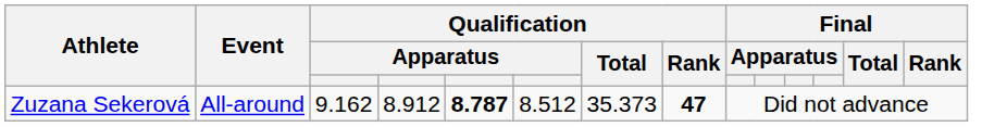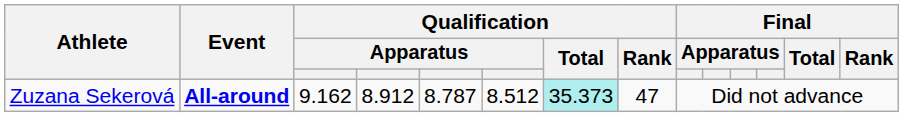 <table class="wikitable" style="font-size:90%">
 <tr>
 <th rowspan=3>Athlete</th>
 <th rowspan=3>Event</th>
 <th colspan=6>Qualification</th>
 <th colspan=6>Final</th>
 </tr>
 <tr style="font-size:95%">
 <th colspan=4>Apparatus</th>
 <th rowspan=2>Total</th>
 <th rowspan=2>Rank</th>
 <th colspan=4>Apparatus</th>
 <th rowspan=2>Total</th>
 <th rowspan=2>Rank</th>
 </tr>
 <tr style="font-size:95%">
 <th></th>
 <th></th>
 <th></th>
 <th></th>
 <th></th>
 <th></th>
 <th></th>
 <th></th>
 </tr>
 <tr align=center>
 <td align=left><a href='#'>Zuzana Sekerová</a></td>
-<td align=left><a href='#'>All-around</a></td>
+<td align=left><strong><a href='#'>All-around</a></strong></td>
 <td>9.162</td>
 <td>8.912</td>
-<td><strong>8.787</strong></td>
+<td>8.787</td>
 <td>8.512</td>
-<td>35.373</td>
-<td><strong>47</strong></td>
+<td style="background: paleturquoise;">35.373</td>
+<td>47</td>
 <td colspan=6>Did not advance</td>
 </tr>
 </table>
